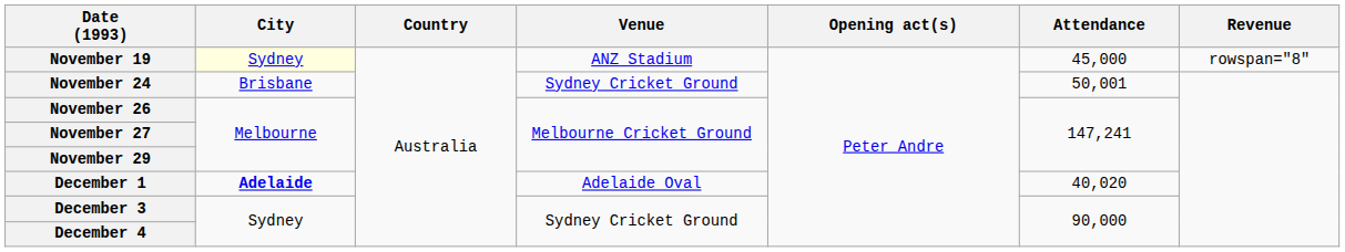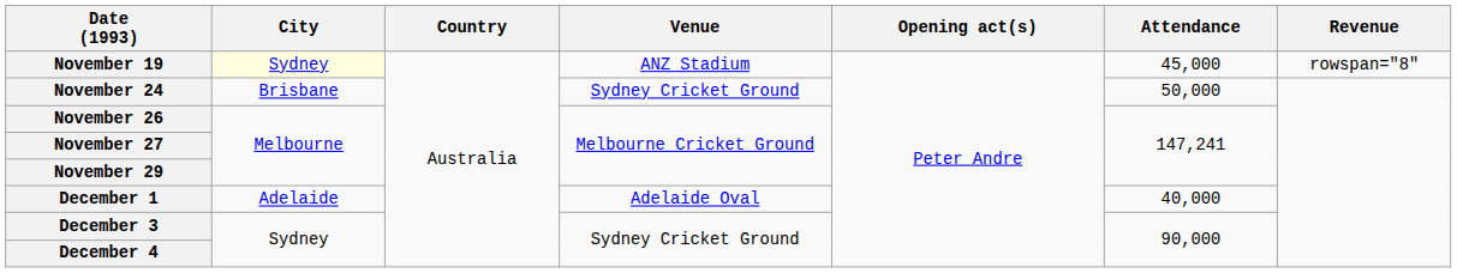 <table class="wikitable plainrowheaders" style="text-align:center;">
 <tr>
 <th scope="col" style="width:12em;">Date<br>(1993)</th>
 <th scope="col" style="width:10em;">City</th>
 <th scope="col" style="width:10em;">Country</th>
 <th scope="col" style="width:16em;">Venue</th>
 <th scope="col" style="width:16em;">Opening act(s)</th>
 <th scope="col" style="width:10em;">Attendance</th>
 <th scope="col" style="width:10em;">Revenue</th>
 </tr>
 <tr>
 <th scope="row" style="text-align:center;">November 19</th>
 <td style="background: lightyellow;"><a href='#'>Sydney</a></td>
 <td rowspan="8">Australia</td>
 <td><a href='#'>ANZ Stadium</a></td>
 <td rowspan="8"><a href='#'>Peter Andre</a></td>
 <td>45,000</td>
 <td>rowspan="8" </td>
 </tr>
 <tr>
 <th scope="row" style="text-align:center;">November 24</th>
 <td><a href='#'>Brisbane</a></td>
 <td><a href='#'>Sydney Cricket Ground</a></td>
-<td>50,001</td>
+<td>50,000</td>
 </tr>
 <tr>
 <th scope="row" style="text-align:center;">November 26</th>
 <td rowspan="3"><a href='#'>Melbourne</a></td>
 <td rowspan="3"><a href='#'>Melbourne Cricket Ground</a></td>
 <td rowspan="3">147,241</td>
 </tr>
 <tr>
 <th scope="row" style="text-align:center;">November 27</th>
 </tr>
 <tr>
 <th scope="row" style="text-align:center;">November 29</th>
 </tr>
 <tr>
 <th scope="row" style="text-align:center;">December 1</th>
-<td><strong><a href='#'>Adelaide</a></strong></td>
+<td><a href='#'>Adelaide</a></td>
 <td><a href='#'>Adelaide Oval</a></td>
-<td>40,020</td>
+<td>40,000</td>
 </tr>
 <tr>
 <th scope="row" style="text-align:center;">December 3</th>
 <td rowspan="2">Sydney</td>
 <td rowspan="2">Sydney Cricket Ground</td>
 <td rowspan="2">90,000</td>
 </tr>
 <tr>
 <th scope="row" style="text-align:center;">December 4</th>
 </tr>
 </table>
